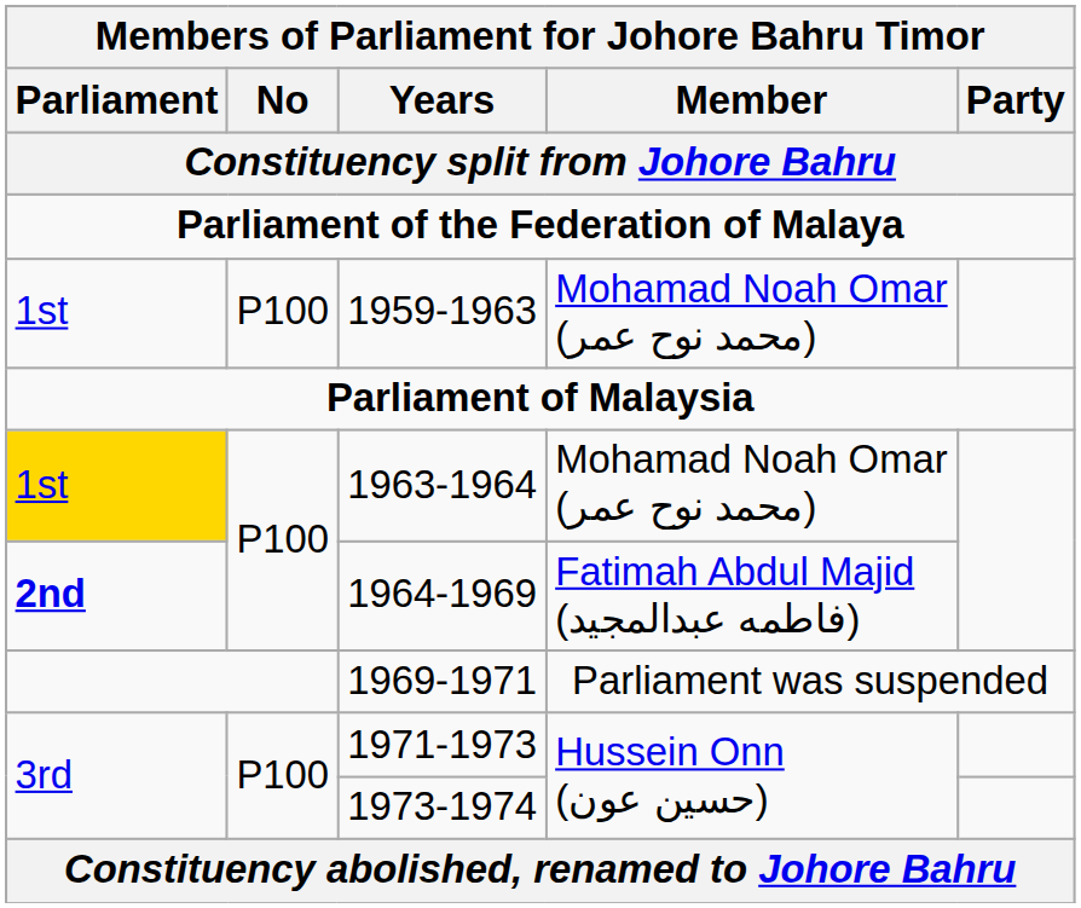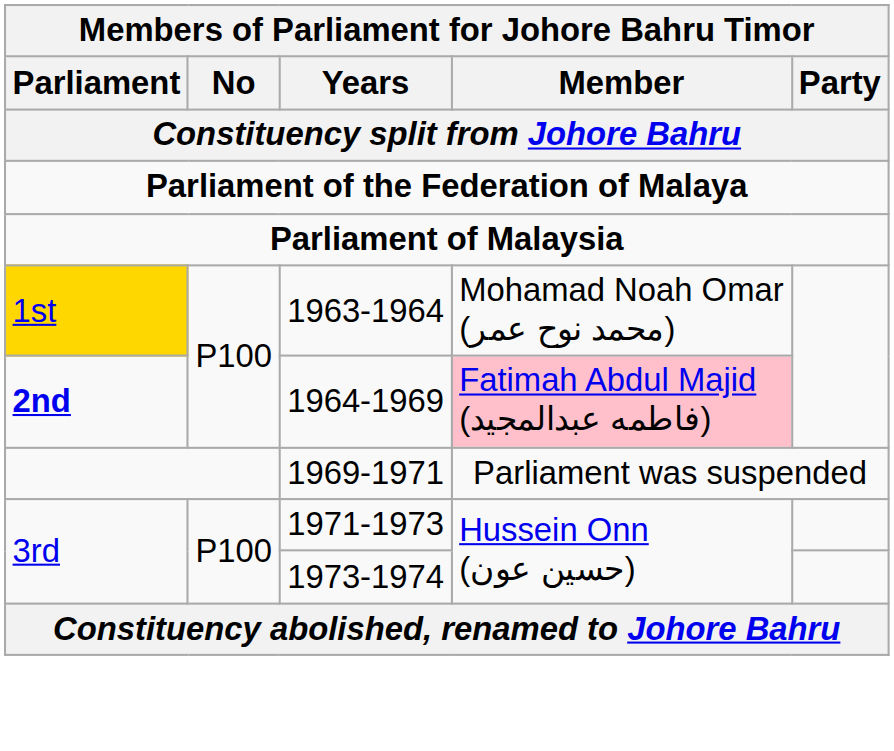 <table class=wikitable>
 <tr>
 <th colspan="5">Members of Parliament for Johore Bahru Timor</th>
 </tr>
 <tr>
 <th>Parliament</th>
 <th>No</th>
 <th>Years</th>
 <th>Member</th>
 <th>Party</th>
 </tr>
 <tr>
 <th colspan="5" align="center"><em>Constituency split from <a href='#'>Johore Bahru</a></em></th>
 </tr>
 <tr>
 <td colspan="5" align="center"><strong>Parliament of the Federation of Malaya</strong></td>
 </tr>
 <tr>
-<td><a href='#'>1st</a></td>
-<td>P100</td>
-<td>1959-1963</td>
-<td><a href='#'>Mohamad Noah Omar</a> <br> (محمد نوح عمر‎)</td>
-<td></td>
-</tr>
-<tr>
 <td colspan="5" align="center"><strong>Parliament of Malaysia</strong></td>
 </tr>
 <tr>
 <td style="background: gold;"><a href='#'>1st</a></td>
 <td rowspan="2">P100</td>
 <td>1963-1964</td>
 <td>Mohamad Noah Omar <br> (محمد نوح عمر‎)</td>
 <td rowspan=2></td>
 </tr>
 <tr>
 <td><strong><a href='#'>2nd</a></strong></td>
 <td>1964-1969</td>
-<td><a href='#'>Fatimah Abdul Majid</a> <br> (فاطمه عبدالمجيد)</td>
+<td style="background: pink;"><a href='#'>Fatimah Abdul Majid</a> <br> (فاطمه عبدالمجيد)</td>
 </tr>
 <tr>
 <td colspan="2"></td>
 <td>1969-1971</td>
 <td colspan=2 align=center>Parliament was suspended</td>
 </tr>
 <tr>
 <td rowspan=2><a href='#'>3rd</a></td>
 <td rowspan="2">P100</td>
 <td>1971-1973</td>
 <td rowspan=2><a href='#'>Hussein Onn</a>  <br>(حسين عون‎)</td>
 <td></td>
 </tr>
 <tr>
 <td>1973-1974</td>
 <td></td>
 </tr>
 <tr>
 <th colspan="5" align="center"><em>Constituency abolished, renamed to <a href='#'>Johore Bahru</a></em></th>
 </tr>
 </table>
